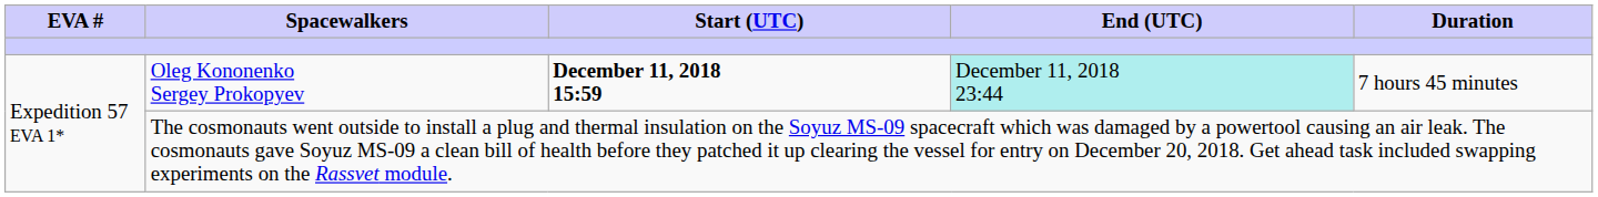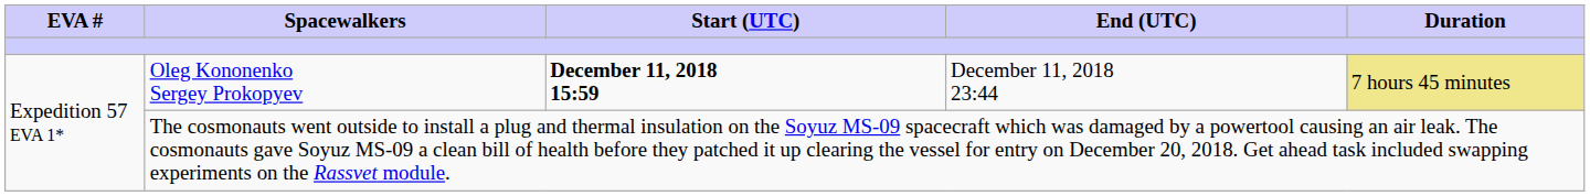 <table class="wikitable">
 <tr bgcolor="#cfccfc">
 <td scope="col" width="100" align="center"><strong>EVA #</strong></td>
 <td scope="col" width="300" align="center"><strong>Spacewalkers</strong></td>
 <td scope="col" width="300" align="center"><strong>Start (<a href='#'>UTC</a>)</strong></td>
 <td scope="col" width="300" align="center"><strong>End (UTC)</strong></td>
 <td scope="col" width="175" align="center"><strong>Duration</strong></td>
 </tr>
 <tr>
 <td colspan="6" bgcolor="#ccccff" height="5px"></td>
 </tr>
 <tr>
 <td rowspan="2">Expedition 57<br><small>EVA 1*</small></td>
 <td> <a href='#'>Oleg Kononenko</a><br> <a href='#'>Sergey Prokopyev</a></td>
 <td><strong>December 11, 2018<br>15:59</strong></td>
-<td style="background: paleturquoise;">December 11, 2018<br>23:44</td>
-<td>7 hours 45 minutes</td>
+<td>December 11, 2018<br>23:44</td>
+<td style="background: khaki;">7 hours 45 minutes</td>
 </tr>
 <tr>
 <td colspan="4">The cosmonauts went outside to install a plug and thermal insulation on the <a href='#'>Soyuz MS-09</a> spacecraft which was damaged by a powertool causing an air leak. The cosmonauts gave Soyuz MS-09 a clean bill of health before they patched it up clearing the vessel for entry on December 20, 2018. Get ahead task included swapping experiments on the <a href='#'><em>Rassvet</em> module</a>.</td>
 </tr>
 </table>
